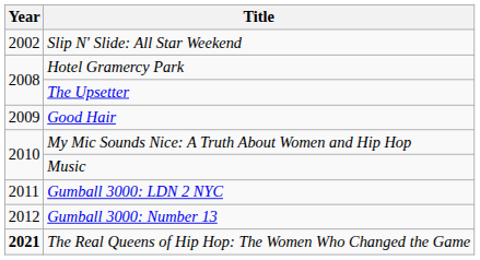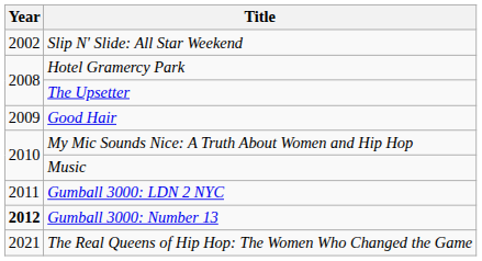 <table class="wikitable sortable">
 <tr>
 <th>Year</th>
 <th>Title</th>
 </tr>
 <tr>
 <td>2002</td>
 <td><em>Slip N' Slide: All Star Weekend</em></td>
 </tr>
 <tr>
 <td rowspan="2">2008</td>
 <td><em>Hotel Gramercy Park</em></td>
 </tr>
 <tr>
 <td><em><a href='#'>The Upsetter</a></em></td>
 </tr>
 <tr>
 <td>2009</td>
 <td><em><a href='#'>Good Hair</a></em></td>
 </tr>
 <tr>
 <td rowspan="2">2010</td>
 <td><em>My Mic Sounds Nice: A Truth About Women and Hip Hop</em></td>
 </tr>
 <tr>
 <td><em>Music</em></td>
 </tr>
 <tr>
 <td>2011</td>
 <td><em><a href='#'>Gumball 3000: LDN 2 NYC</a></em></td>
 </tr>
 <tr>
-<td>2012</td>
+<td><strong>2012</strong></td>
 <td><em><a href='#'>Gumball 3000: Number 13</a></em></td>
 </tr>
 <tr>
-<td><strong>2021</strong></td>
+<td>2021</td>
 <td><em>The Real Queens of Hip Hop: The Women Who Changed the Game</em></td>
 </tr>
 </table>
